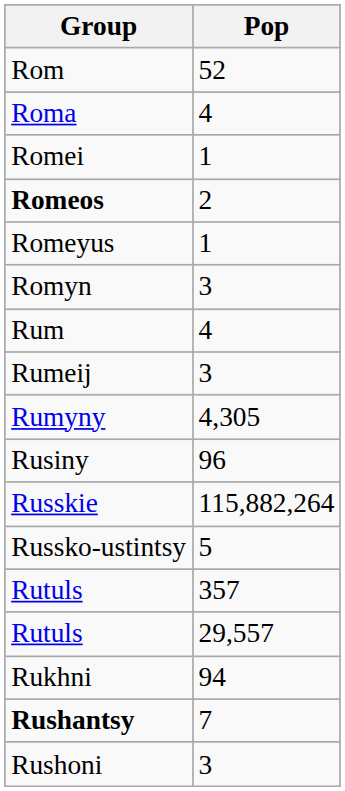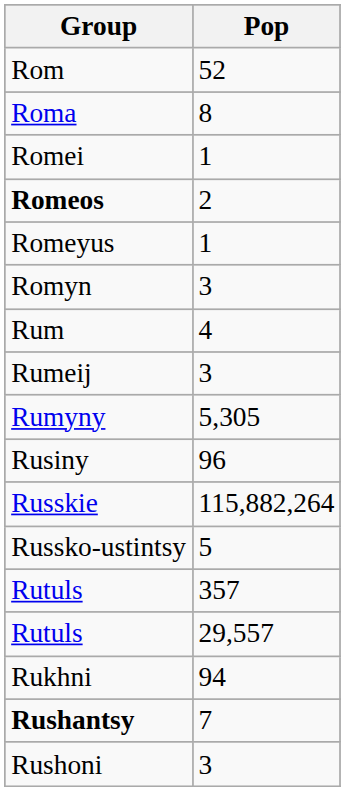 <table class = "wikitable sortable">
 <tr>
 <th>Group</th>
 <th>Pop</th>
 </tr>
 <tr>
 <td>Rom</td>
 <td>52</td>
 </tr>
 <tr>
 <td><a href='#'>Roma</a></td>
-<td>4</td>
+<td>8</td>
 </tr>
 <tr>
 <td>Romei</td>
 <td>1</td>
 </tr>
 <tr>
 <td><strong>Romeos</strong></td>
 <td>2</td>
 </tr>
 <tr>
 <td>Romeyus</td>
 <td>1</td>
 </tr>
 <tr>
 <td>Romyn</td>
 <td>3</td>
 </tr>
 <tr>
 <td>Rum</td>
 <td>4</td>
 </tr>
 <tr>
 <td>Rumeij</td>
 <td>3</td>
 </tr>
 <tr>
 <td><a href='#'>Rumyny</a></td>
-<td>4,305</td>
+<td>5,305</td>
 </tr>
 <tr>
 <td>Rusiny</td>
 <td>96</td>
 </tr>
 <tr>
 <td><a href='#'>Russkie</a></td>
 <td>115,882,264</td>
 </tr>
 <tr>
 <td>Russko-ustintsy</td>
 <td>5</td>
 </tr>
 <tr>
 <td><a href='#'>Rutuls</a></td>
 <td>357</td>
 </tr>
 <tr>
 <td><a href='#'>Rutuls</a></td>
 <td>29,557</td>
 </tr>
 <tr>
 <td>Rukhni</td>
 <td>94</td>
 </tr>
 <tr>
 <td><strong>Rushantsy</strong></td>
 <td>7</td>
 </tr>
 <tr>
 <td>Rushoni</td>
 <td>3</td>
 </tr>
 </table>
